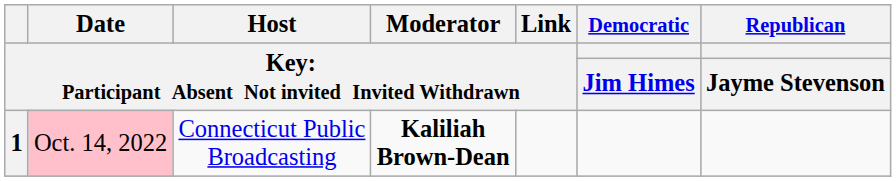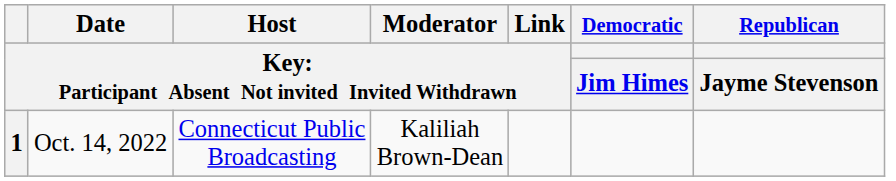 <table class="wikitable" style="text-align:center;">
 <tr>
 <th scope="col"></th>
 <th scope="col">Date</th>
 <th scope="col">Host</th>
 <th scope="col">Moderator</th>
 <th scope="col">Link</th>
 <th scope="col"><small><a href='#'>Democratic</a></small></th>
 <th scope="col"><small><a href='#'>Republican</a></small></th>
 </tr>
 <tr>
 <th colspan="5" rowspan="2">Key:<br> <small>Participant </small>  <small>Absent </small>  <small>Not invited </small>  <small>Invited  Withdrawn</small></th>
 <th scope="col" style="background:"></th>
 <th scope="col" style="background:"></th>
 </tr>
 <tr>
 <th scope="col"><a href='#'>Jim Himes</a></th>
 <th scope="col">Jayme Stevenson</th>
 </tr>
 <tr>
 <th>1</th>
-<td style="background: pink; white-space:nowrap;">Oct. 14, 2022</td>
+<td style="white-space:nowrap;">Oct. 14, 2022</td>
 <td style="white-space:nowrap;"><a href='#'>Connecticut Public</a><br><a href='#'>Broadcasting</a></td>
-<td style="white-space:nowrap;"><strong>Kaliliah<br>Brown-Dean</strong></td>
+<td style="white-space:nowrap;">Kaliliah<br>Brown-Dean</td>
 <td style="white-space:nowrap;"></td>
 <td></td>
 <td></td>
 </tr>
 </table>
